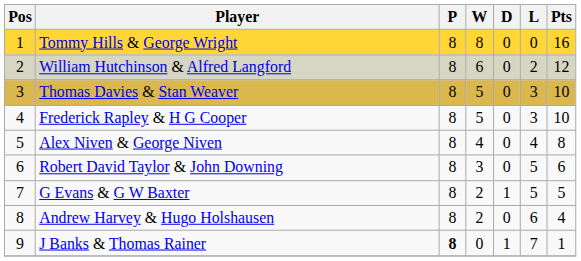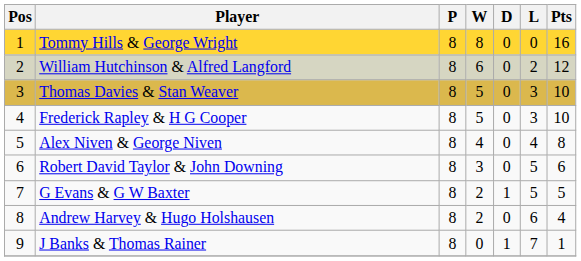 <table class="wikitable" style="font-size: 100%">
 <tr>
 <th width=20>Pos</th>
 <th width=400>Player</th>
 <th width=20>P</th>
 <th width=20>W</th>
 <th width=20>D</th>
 <th width=20>L</th>
 <th width=20>Pts</th>
 </tr>
 <tr align=center style="background: #FFD633;">
 <td>1</td>
 <td align="left"> <a href='#'>Tommy Hills</a> & <a href='#'>George Wright</a></td>
 <td>8</td>
 <td>8</td>
 <td>0</td>
 <td>0</td>
 <td>16</td>
 </tr>
 <tr align=center style="background: #D6D6C2;">
 <td>2</td>
 <td align="left"> <a href='#'>William Hutchinson</a> & <a href='#'>Alfred Langford</a></td>
 <td>8</td>
 <td>6</td>
 <td>0</td>
 <td>2</td>
 <td>12</td>
 </tr>
 <tr align=center style="background: #DBB84D;">
 <td>3</td>
 <td align="left"> <a href='#'>Thomas Davies</a> & <a href='#'>Stan Weaver</a></td>
 <td>8</td>
 <td>5</td>
 <td>0</td>
 <td>3</td>
 <td>10</td>
 </tr>
 <tr align=center>
 <td>4</td>
 <td align="left"> <a href='#'>Frederick Rapley</a> & <a href='#'>H G Cooper</a></td>
 <td>8</td>
 <td>5</td>
 <td>0</td>
 <td>3</td>
 <td>10</td>
 </tr>
 <tr align=center>
 <td>5</td>
 <td align="left"> <a href='#'>Alex Niven</a> & <a href='#'>George Niven</a></td>
 <td>8</td>
 <td>4</td>
 <td>0</td>
 <td>4</td>
 <td>8</td>
 </tr>
 <tr align=center>
 <td>6</td>
 <td align="left"> <a href='#'>Robert David Taylor</a> & <a href='#'>John Downing</a></td>
 <td>8</td>
 <td>3</td>
 <td>0</td>
 <td>5</td>
 <td>6</td>
 </tr>
 <tr align=center>
 <td>7</td>
 <td align="left"> <a href='#'>G Evans</a> & <a href='#'>G W Baxter</a></td>
 <td>8</td>
 <td>2</td>
 <td>1</td>
 <td>5</td>
 <td>5</td>
 </tr>
 <tr align=center>
 <td>8</td>
 <td align="left"> <a href='#'>Andrew Harvey</a> & <a href='#'>Hugo Holshausen</a></td>
 <td>8</td>
 <td>2</td>
 <td>0</td>
 <td>6</td>
 <td>4</td>
 </tr>
 <tr align=center>
 <td>9</td>
 <td align="left"> <a href='#'>J Banks</a> & <a href='#'>Thomas Rainer</a></td>
-<td><strong>8</strong></td>
+<td>8</td>
 <td>0</td>
 <td>1</td>
 <td>7</td>
 <td>1</td>
 </tr>
 <tr align=center>
 </tr>
 </table>
